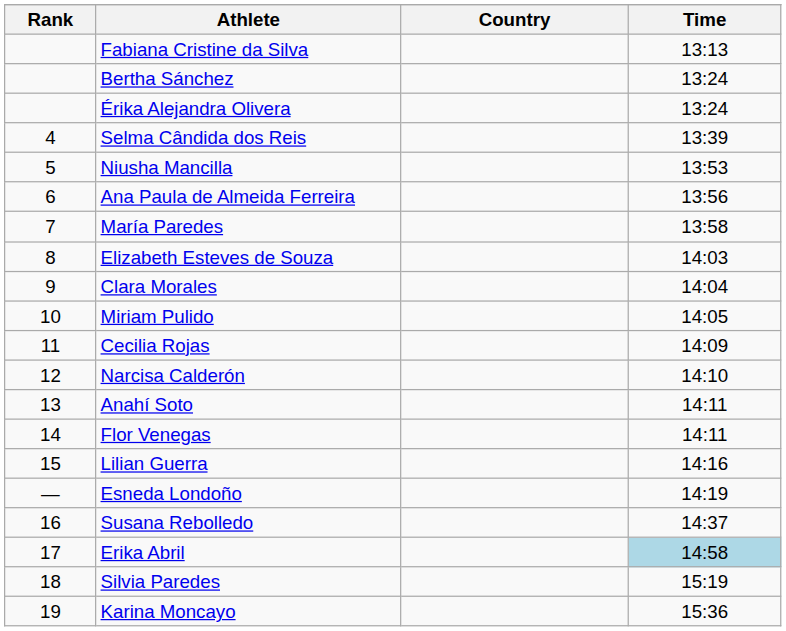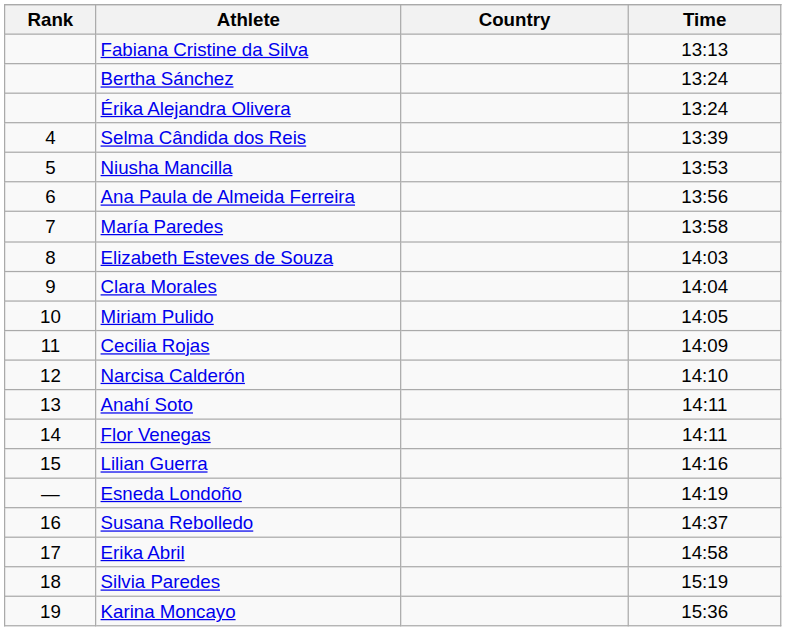 <table class="wikitable sortable" style=" text-align:center; font-size:95%;" width="50%">
 <tr>
 </tr>
 <tr>
 <th width=5%>Rank</th>
 <th width=20%>Athlete</th>
 <th width=15%>Country</th>
 <th width=10%>Time</th>
 </tr>
 <tr>
 <td align=center></td>
 <td align=left><a href='#'>Fabiana Cristine da Silva</a></td>
 <td align=left></td>
 <td>13:13</td>
 </tr>
 <tr>
 <td align=center></td>
 <td align=left><a href='#'>Bertha Sánchez</a></td>
 <td align=left></td>
 <td>13:24</td>
 </tr>
 <tr>
 <td align=center></td>
 <td align=left><a href='#'>Érika Alejandra Olivera</a></td>
 <td align=left></td>
 <td>13:24</td>
 </tr>
 <tr>
 <td align=center>4</td>
 <td align=left><a href='#'>Selma Cândida dos Reis</a></td>
 <td align=left></td>
 <td>13:39</td>
 </tr>
 <tr>
 <td align=center>5</td>
 <td align=left><a href='#'>Niusha Mancilla</a></td>
 <td align=left></td>
 <td>13:53</td>
 </tr>
 <tr>
 <td align=center>6</td>
 <td align=left><a href='#'>Ana Paula de Almeida Ferreira</a></td>
 <td align=left></td>
 <td>13:56</td>
 </tr>
 <tr>
 <td align=center>7</td>
 <td align=left><a href='#'>María Paredes</a></td>
 <td align=left></td>
 <td>13:58</td>
 </tr>
 <tr>
 <td align=center>8</td>
 <td align=left><a href='#'>Elizabeth Esteves de Souza</a></td>
 <td align=left></td>
 <td>14:03</td>
 </tr>
 <tr>
 <td align=center>9</td>
 <td align=left><a href='#'>Clara Morales</a></td>
 <td align=left></td>
 <td>14:04</td>
 </tr>
 <tr>
 <td align=center>10</td>
 <td align=left><a href='#'>Miriam Pulido</a></td>
 <td align=left></td>
 <td>14:05</td>
 </tr>
 <tr>
 <td align=center>11</td>
 <td align=left><a href='#'>Cecilia Rojas</a></td>
 <td align=left></td>
 <td>14:09</td>
 </tr>
 <tr>
 <td align=center>12</td>
 <td align=left><a href='#'>Narcisa Calderón</a></td>
 <td align=left></td>
 <td>14:10</td>
 </tr>
 <tr>
 <td align=center>13</td>
 <td align=left><a href='#'>Anahí Soto</a></td>
 <td align=left></td>
 <td>14:11</td>
 </tr>
 <tr>
 <td align=center>14</td>
 <td align=left><a href='#'>Flor Venegas</a></td>
 <td align=left></td>
 <td>14:11</td>
 </tr>
 <tr>
 <td align=center>15</td>
 <td align=left><a href='#'>Lilian Guerra</a></td>
 <td align=left></td>
 <td>14:16</td>
 </tr>
 <tr>
 <td align=center>—</td>
 <td align=left><a href='#'>Esneda Londoño</a></td>
 <td align=left></td>
 <td>14:19</td>
 </tr>
 <tr>
 <td align=center>16</td>
 <td align=left><a href='#'>Susana Rebolledo</a></td>
 <td align=left></td>
 <td>14:37</td>
 </tr>
 <tr>
 <td align=center>17</td>
 <td align=left><a href='#'>Erika Abril</a></td>
 <td align=left></td>
-<td style="background: lightblue;">14:58</td>
+<td>14:58</td>
 </tr>
 <tr>
 <td align=center>18</td>
 <td align=left><a href='#'>Silvia Paredes</a></td>
 <td align=left></td>
 <td>15:19</td>
 </tr>
 <tr>
 <td align=center>19</td>
 <td align=left><a href='#'>Karina Moncayo</a></td>
 <td align=left></td>
 <td>15:36</td>
 </tr>
 </table>
